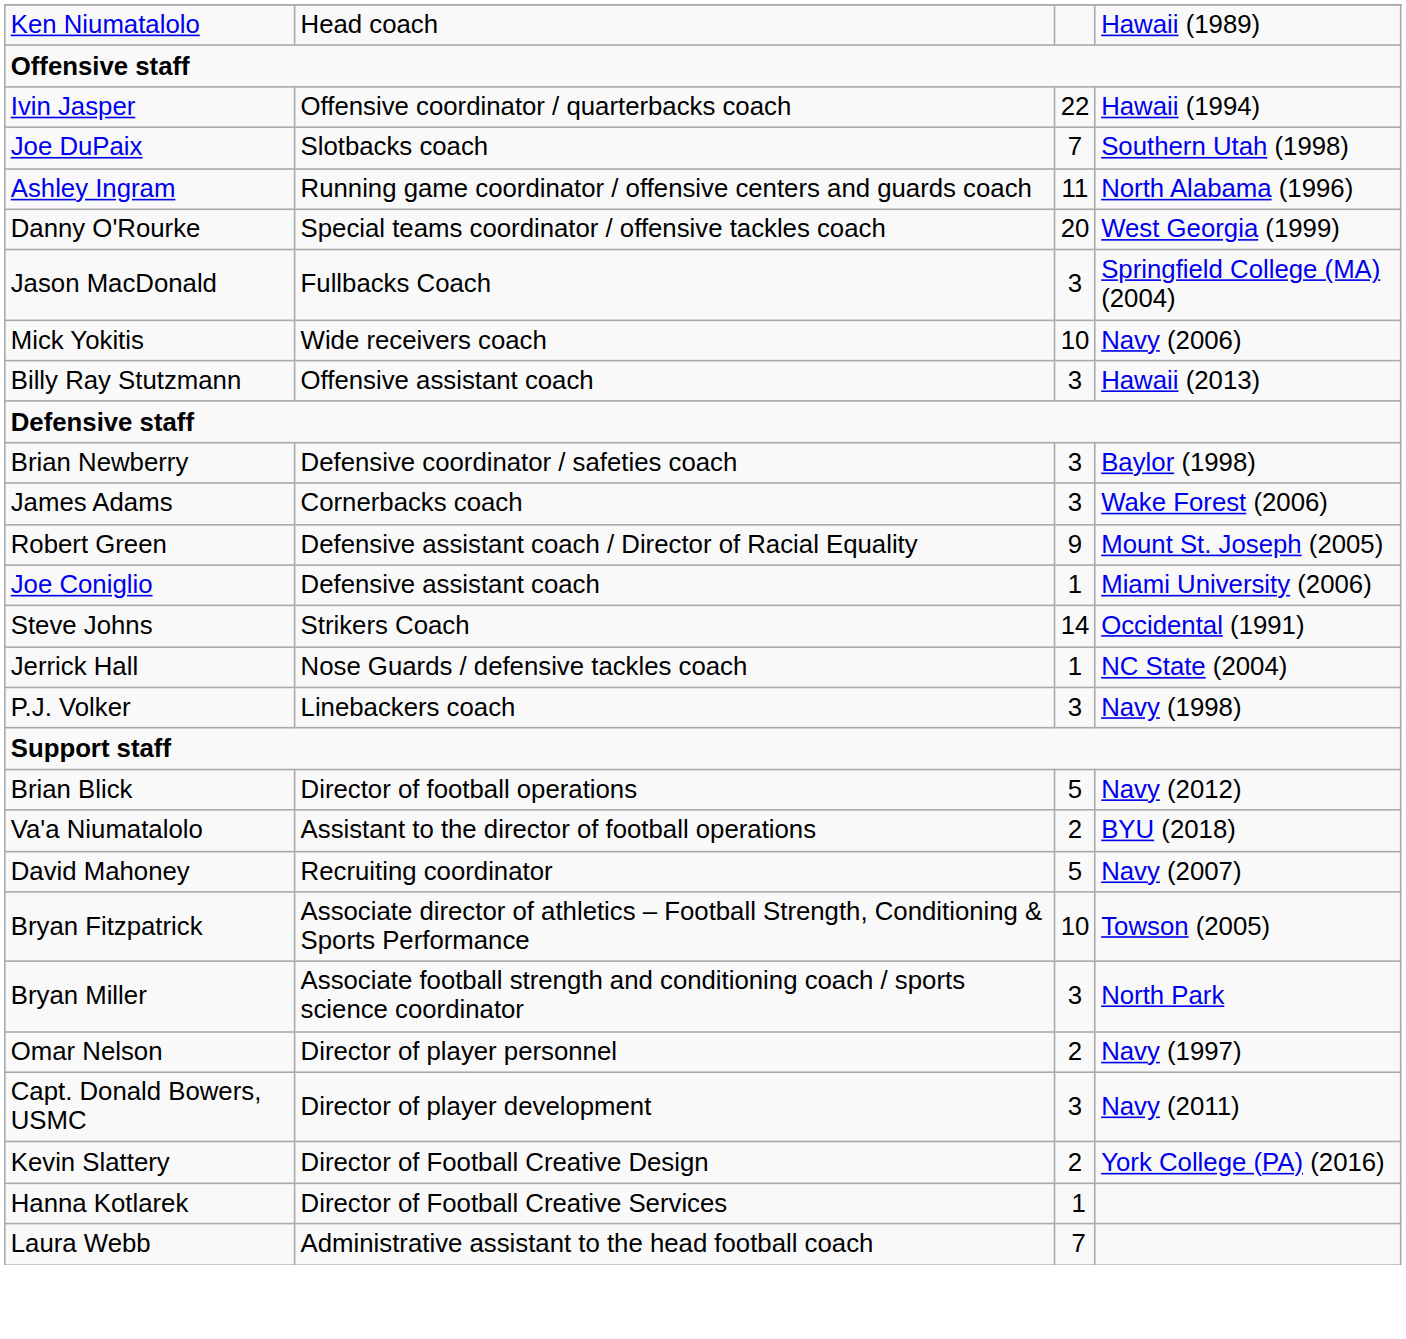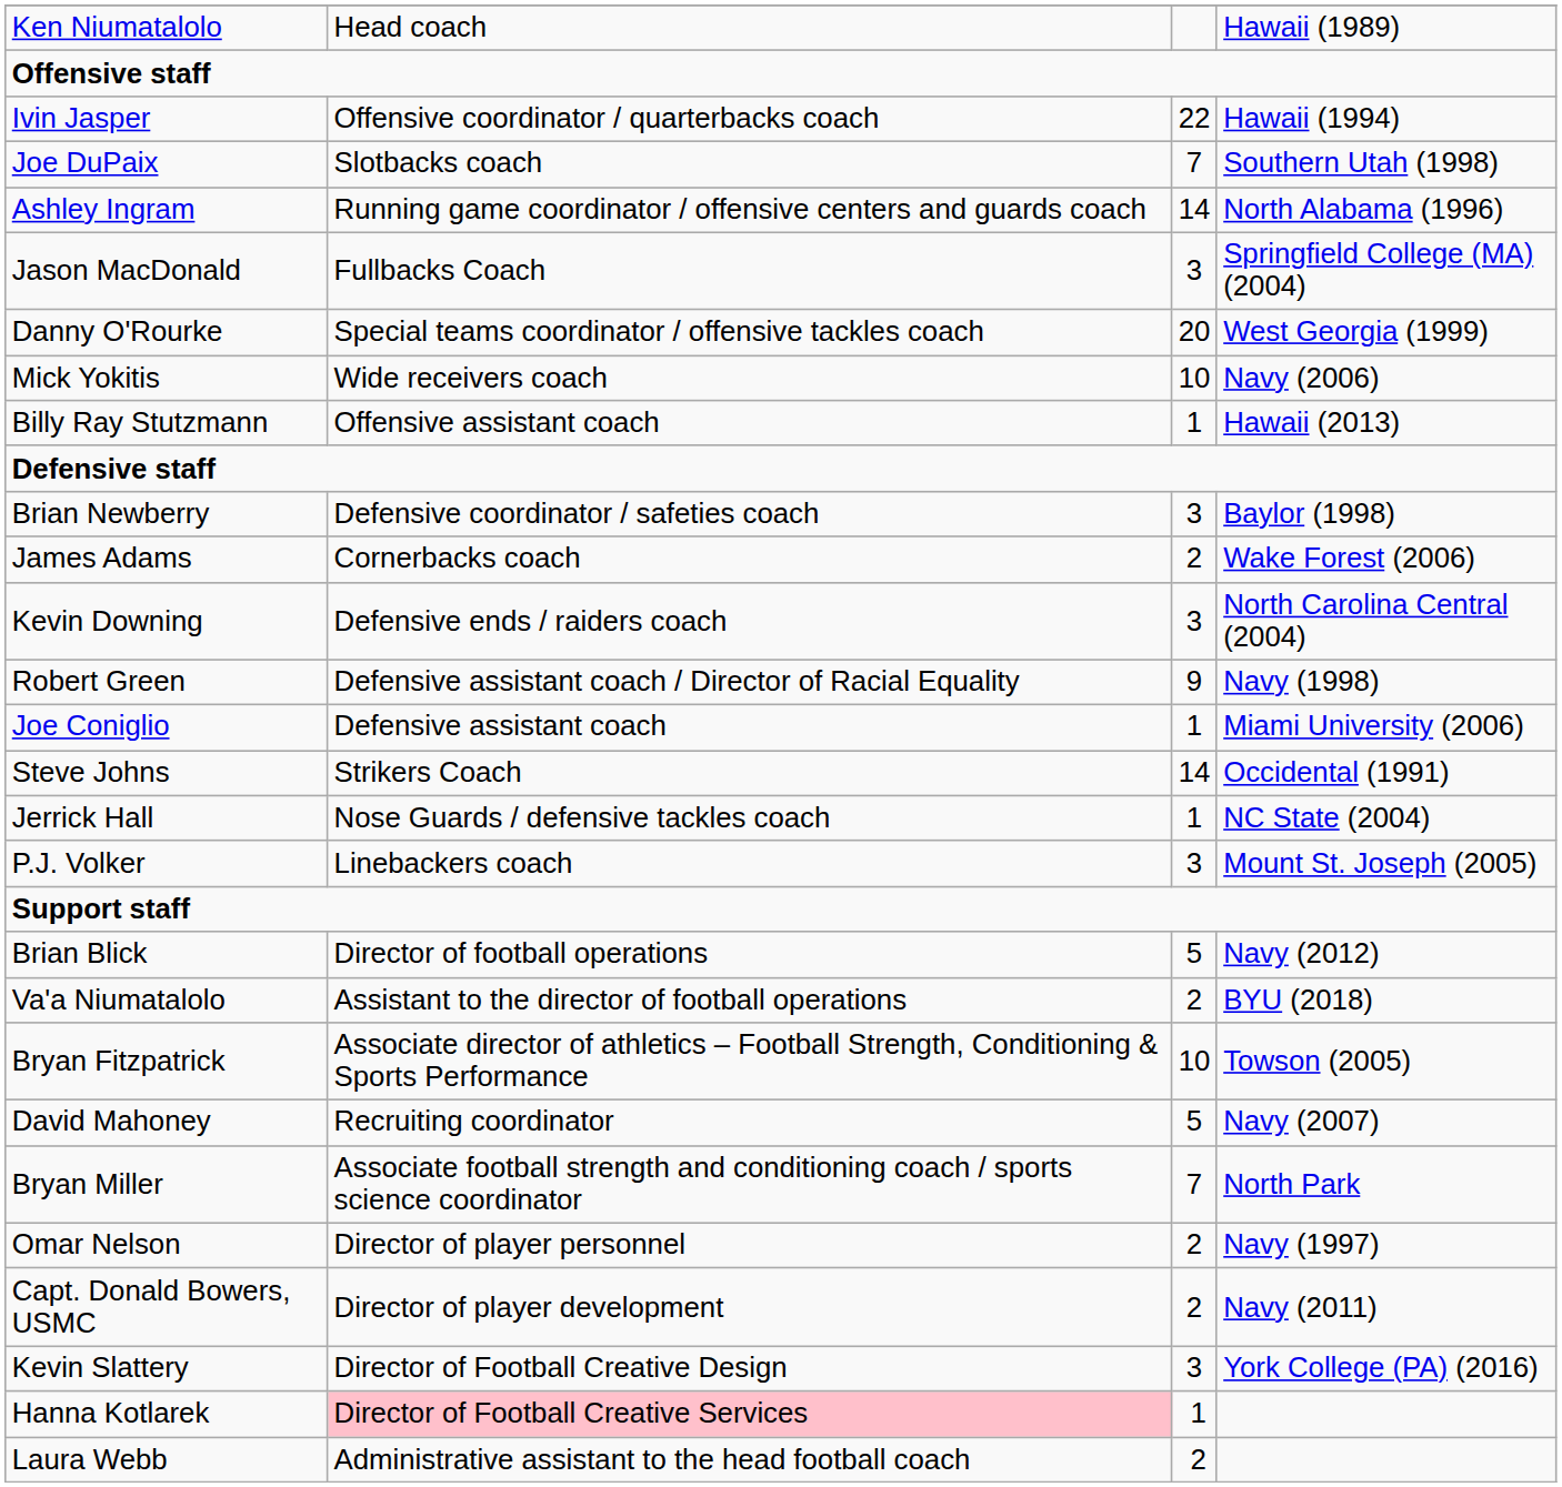 <table class="wikitable">
 <tr>
 </tr>
 <tr>
 <td><a href='#'>Ken Niumatalolo</a></td>
 <td>Head coach</td>
 <td align=center></td>
 <td><a href='#'>Hawaii</a> (1989)</td>
 </tr>
 <tr>
 <td colspan="4"><strong>Offensive staff</strong></td>
 </tr>
 <tr>
 <td><a href='#'>Ivin Jasper</a></td>
 <td>Offensive coordinator / quarterbacks coach</td>
 <td align=center>22</td>
 <td><a href='#'>Hawaii</a> (1994)</td>
 </tr>
 <tr>
 <td><a href='#'>Joe DuPaix</a></td>
 <td>Slotbacks coach</td>
 <td align=center>7</td>
 <td><a href='#'>Southern Utah</a> (1998)</td>
 </tr>
 <tr>
 <td><a href='#'>Ashley Ingram</a></td>
 <td>Running game coordinator / offensive centers and guards coach</td>
-<td align=center>11</td>
+<td align=center>14</td>
 <td><a href='#'>North Alabama</a> (1996)</td>
+</tr>
+<tr>
+<td>Jason MacDonald</td>
+<td>Fullbacks Coach</td>
+<td align=center>3</td>
+<td><a href='#'>Springfield College (MA)</a> (2004)</td>
 </tr>
 <tr>
 <td>Danny O'Rourke</td>
 <td>Special teams coordinator / offensive tackles coach</td>
 <td align=center>20</td>
 <td><a href='#'>West Georgia</a> (1999)</td>
-</tr>
-<tr>
-<td>Jason MacDonald</td>
-<td>Fullbacks Coach</td>
-<td align=center>3</td>
-<td><a href='#'>Springfield College (MA)</a> (2004)</td>
 </tr>
 <tr>
 <td>Mick Yokitis</td>
 <td>Wide receivers coach</td>
 <td align=center>10</td>
 <td><a href='#'>Navy</a> (2006)</td>
 </tr>
 <tr>
 <td>Billy Ray Stutzmann</td>
 <td>Offensive assistant coach</td>
-<td align=center>3</td>
+<td align=center>1</td>
 <td><a href='#'>Hawaii</a> (2013)</td>
 </tr>
 <tr>
 <td colspan="4"><strong>Defensive staff</strong></td>
 </tr>
 <tr>
 <td>Brian Newberry</td>
 <td>Defensive coordinator / safeties coach</td>
 <td align=center>3</td>
 <td><a href='#'>Baylor</a> (1998)</td>
 </tr>
 <tr>
 <td>James Adams</td>
 <td>Cornerbacks coach</td>
+<td align=center>2</td>
+<td><a href='#'>Wake Forest</a> (2006)</td>
+</tr>
+<tr>
+<td>Kevin Downing</td>
+<td>Defensive ends / raiders coach</td>
 <td align=center>3</td>
-<td><a href='#'>Wake Forest</a> (2006)</td>
+<td><a href='#'>North Carolina Central</a> (2004)</td>
 </tr>
 <tr>
 <td>Robert Green</td>
 <td>Defensive assistant coach / Director of Racial Equality</td>
 <td align=center>9</td>
-<td><a href='#'>Mount St. Joseph</a> (2005)</td>
+<td><a href='#'>Navy</a> (1998)</td>
 </tr>
 <tr>
 <td><a href='#'>Joe Coniglio</a></td>
 <td>Defensive assistant coach</td>
 <td align=center>1</td>
 <td><a href='#'>Miami University</a> (2006)</td>
 </tr>
 <tr>
 <td>Steve Johns</td>
 <td>Strikers Coach</td>
 <td align=center>14</td>
 <td><a href='#'>Occidental</a> (1991)</td>
 </tr>
 <tr>
 <td>Jerrick Hall</td>
 <td>Nose Guards / defensive tackles coach</td>
 <td align=center>1</td>
 <td><a href='#'>NC State</a> (2004)</td>
 </tr>
 <tr>
 <td>P.J. Volker</td>
 <td>Linebackers coach</td>
 <td align=center>3</td>
-<td><a href='#'>Navy</a> (1998)</td>
+<td><a href='#'>Mount St. Joseph</a> (2005)</td>
 </tr>
 <tr>
 <td colspan="4"><strong>Support staff</strong></td>
 </tr>
 <tr>
 <td>Brian Blick</td>
 <td>Director of football operations</td>
 <td align=center>5</td>
 <td><a href='#'>Navy</a> (2012)</td>
 </tr>
 <tr>
 <td>Va'a Niumatalolo</td>
 <td>Assistant to the director of football operations</td>
 <td align=center>2</td>
 <td><a href='#'>BYU</a> (2018)</td>
 </tr>
 <tr>
+<td>Bryan Fitzpatrick</td>
+<td>Associate director of athletics – Football Strength, Conditioning & Sports Performance</td>
+<td align=center>10</td>
+<td><a href='#'>Towson</a> (2005)</td>
+</tr>
+<tr>
 <td>David Mahoney</td>
 <td>Recruiting coordinator</td>
 <td align=center>5</td>
 <td><a href='#'>Navy</a> (2007)</td>
 </tr>
 <tr>
-<td>Bryan Fitzpatrick</td>
-<td>Associate director of athletics – Football Strength, Conditioning & Sports Performance</td>
-<td align=center>10</td>
-<td><a href='#'>Towson</a> (2005)</td>
-</tr>
-<tr>
 <td>Bryan Miller</td>
 <td>Associate football strength and conditioning coach / sports science coordinator</td>
-<td align=center>3</td>
+<td align=center>7</td>
 <td><a href='#'>North Park</a></td>
 </tr>
 <tr>
 <td>Omar Nelson</td>
 <td>Director of player personnel</td>
 <td align=center>2</td>
 <td><a href='#'>Navy</a> (1997)</td>
 </tr>
 <tr>
 <td>Capt. Donald Bowers, USMC</td>
 <td>Director of player development</td>
-<td align=center>3</td>
+<td align=center>2</td>
 <td><a href='#'>Navy</a> (2011)</td>
 </tr>
 <tr>
 <td>Kevin Slattery</td>
 <td>Director of Football Creative Design</td>
-<td align=center>2</td>
+<td align=center>3</td>
 <td><a href='#'>York College (PA)</a> (2016)</td>
 </tr>
 <tr>
 <td>Hanna Kotlarek</td>
-<td>Director of Football Creative Services</td>
+<td style="background: pink;">Director of Football Creative Services</td>
 <td align=center> 1</td>
 <td></td>
 </tr>
 <tr>
 <td>Laura Webb</td>
 <td>Administrative assistant to the head football coach</td>
-<td align=center> 7</td>
+<td align=center> 2</td>
 <td></td>
 </tr>
 <tr>
 </tr>
 </table>
